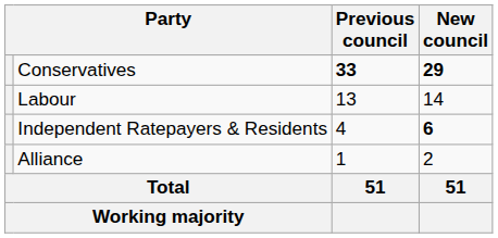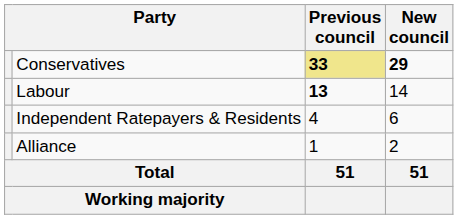 <table class="wikitable">
 <tr>
 <th valign=top colspan="2" style="width: 230px">Party</th>
 <th valign=top style="width: 30px">Previous council</th>
 <th valign=top style="width: 30px">New council</th>
 </tr>
 <tr>
 <th style="background-color: "></th>
 <td>Conservatives</td>
-<td><strong>33</strong></td>
+<td style="background: khaki;"><strong>33</strong></td>
 <td><strong>29</strong></td>
 </tr>
 <tr>
 <th style="background-color: "></th>
 <td>Labour</td>
-<td>13</td>
+<td><strong>13</strong></td>
 <td>14</td>
 </tr>
 <tr>
 <th style="background-color: "></th>
 <td>Independent Ratepayers & Residents</td>
 <td>4</td>
-<td><strong>6</strong></td>
+<td>6</td>
 </tr>
 <tr>
 <th style="background-color: "></th>
 <td>Alliance</td>
 <td>1</td>
 <td>2</td>
 </tr>
 <tr>
 <th colspan=2>Total</th>
 <th style="text-align: center">51</th>
 <th colspan=3>51</th>
 </tr>
 <tr>
 <th colspan=2>Working majority</th>
 <th></th>
 <th></th>
 </tr>
 </table>
